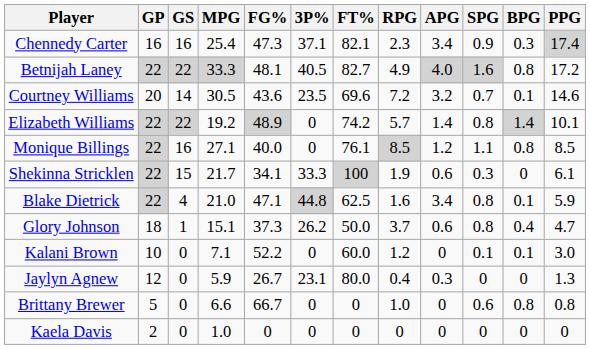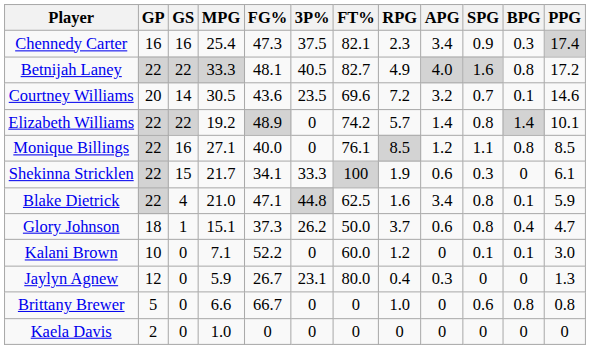 <table class="wikitable sortable" style="text-align:center">
 <tr>
 <th>Player</th>
 <th>GP</th>
 <th>GS</th>
 <th>MPG</th>
 <th>FG%</th>
 <th>3P%</th>
 <th>FT%</th>
 <th>RPG</th>
 <th>APG</th>
 <th>SPG</th>
 <th>BPG</th>
 <th>PPG</th>
 </tr>
 <tr>
 <td><a href='#'>Chennedy Carter</a></td>
 <td>16</td>
 <td>16</td>
 <td>25.4</td>
 <td>47.3</td>
-<td>37.1</td>
+<td>37.5</td>
 <td>82.1</td>
 <td>2.3</td>
 <td>3.4</td>
 <td>0.9</td>
 <td>0.3</td>
 <td style="background:#D3D3D3;">17.4</td>
 </tr>
 <tr>
 <td><a href='#'>Betnijah Laney</a></td>
 <td style="background:#D3D3D3;">22</td>
 <td style="background:#D3D3D3;">22</td>
 <td style="background:#D3D3D3;">33.3</td>
 <td>48.1</td>
 <td>40.5</td>
 <td>82.7</td>
 <td>4.9</td>
 <td style="background:#D3D3D3;">4.0</td>
 <td style="background:#D3D3D3;">1.6</td>
 <td>0.8</td>
 <td>17.2</td>
 </tr>
 <tr>
 <td><a href='#'>Courtney Williams</a></td>
 <td>20</td>
 <td>14</td>
 <td>30.5</td>
 <td>43.6</td>
 <td>23.5</td>
 <td>69.6</td>
 <td>7.2</td>
 <td>3.2</td>
 <td>0.7</td>
 <td>0.1</td>
 <td>14.6</td>
 </tr>
 <tr>
 <td><a href='#'>Elizabeth Williams</a></td>
 <td style="background:#D3D3D3;">22</td>
 <td style="background:#D3D3D3;">22</td>
 <td>19.2</td>
 <td style="background:#D3D3D3;">48.9</td>
 <td>0</td>
 <td>74.2</td>
 <td>5.7</td>
 <td>1.4</td>
 <td>0.8</td>
 <td style="background:#D3D3D3;">1.4</td>
 <td>10.1</td>
 </tr>
 <tr>
 <td><a href='#'>Monique Billings</a></td>
 <td style="background:#D3D3D3;">22</td>
 <td>16</td>
 <td>27.1</td>
 <td>40.0</td>
 <td>0</td>
 <td>76.1</td>
 <td style="background:#D3D3D3;">8.5</td>
 <td>1.2</td>
 <td>1.1</td>
 <td>0.8</td>
 <td>8.5</td>
 </tr>
 <tr>
 <td><a href='#'>Shekinna Stricklen</a></td>
 <td style="background:#D3D3D3;">22</td>
 <td>15</td>
 <td>21.7</td>
 <td>34.1</td>
 <td>33.3</td>
 <td style="background:#D3D3D3;">100</td>
 <td>1.9</td>
 <td>0.6</td>
 <td>0.3</td>
 <td>0</td>
 <td>6.1</td>
 </tr>
 <tr>
 <td><a href='#'>Blake Dietrick</a></td>
 <td style="background:#D3D3D3;">22</td>
 <td>4</td>
 <td>21.0</td>
 <td>47.1</td>
 <td style="background:#D3D3D3;">44.8</td>
 <td>62.5</td>
 <td>1.6</td>
 <td>3.4</td>
 <td>0.8</td>
 <td>0.1</td>
 <td>5.9</td>
 </tr>
 <tr>
 <td><a href='#'>Glory Johnson</a></td>
 <td>18</td>
 <td>1</td>
 <td>15.1</td>
 <td>37.3</td>
 <td>26.2</td>
 <td>50.0</td>
 <td>3.7</td>
 <td>0.6</td>
 <td>0.8</td>
 <td>0.4</td>
 <td>4.7</td>
 </tr>
 <tr>
 <td><a href='#'>Kalani Brown</a></td>
 <td>10</td>
 <td>0</td>
 <td>7.1</td>
 <td>52.2</td>
 <td>0</td>
 <td>60.0</td>
 <td>1.2</td>
 <td>0</td>
 <td>0.1</td>
 <td>0.1</td>
 <td>3.0</td>
 </tr>
 <tr>
 <td><a href='#'>Jaylyn Agnew</a></td>
 <td>12</td>
 <td>0</td>
 <td>5.9</td>
 <td>26.7</td>
 <td>23.1</td>
 <td>80.0</td>
 <td>0.4</td>
 <td>0.3</td>
 <td>0</td>
 <td>0</td>
 <td>1.3</td>
 </tr>
 <tr>
 <td><a href='#'>Brittany Brewer</a></td>
 <td>5</td>
 <td>0</td>
 <td>6.6</td>
 <td>66.7</td>
 <td>0</td>
 <td>0</td>
 <td>1.0</td>
 <td>0</td>
 <td>0.6</td>
 <td>0.8</td>
 <td>0.8</td>
 </tr>
 <tr>
 <td><a href='#'>Kaela Davis</a></td>
 <td>2</td>
 <td>0</td>
 <td>1.0</td>
 <td>0</td>
 <td>0</td>
 <td>0</td>
 <td>0</td>
 <td>0</td>
 <td>0</td>
 <td>0</td>
 <td>0</td>
 </tr>
 </table>
